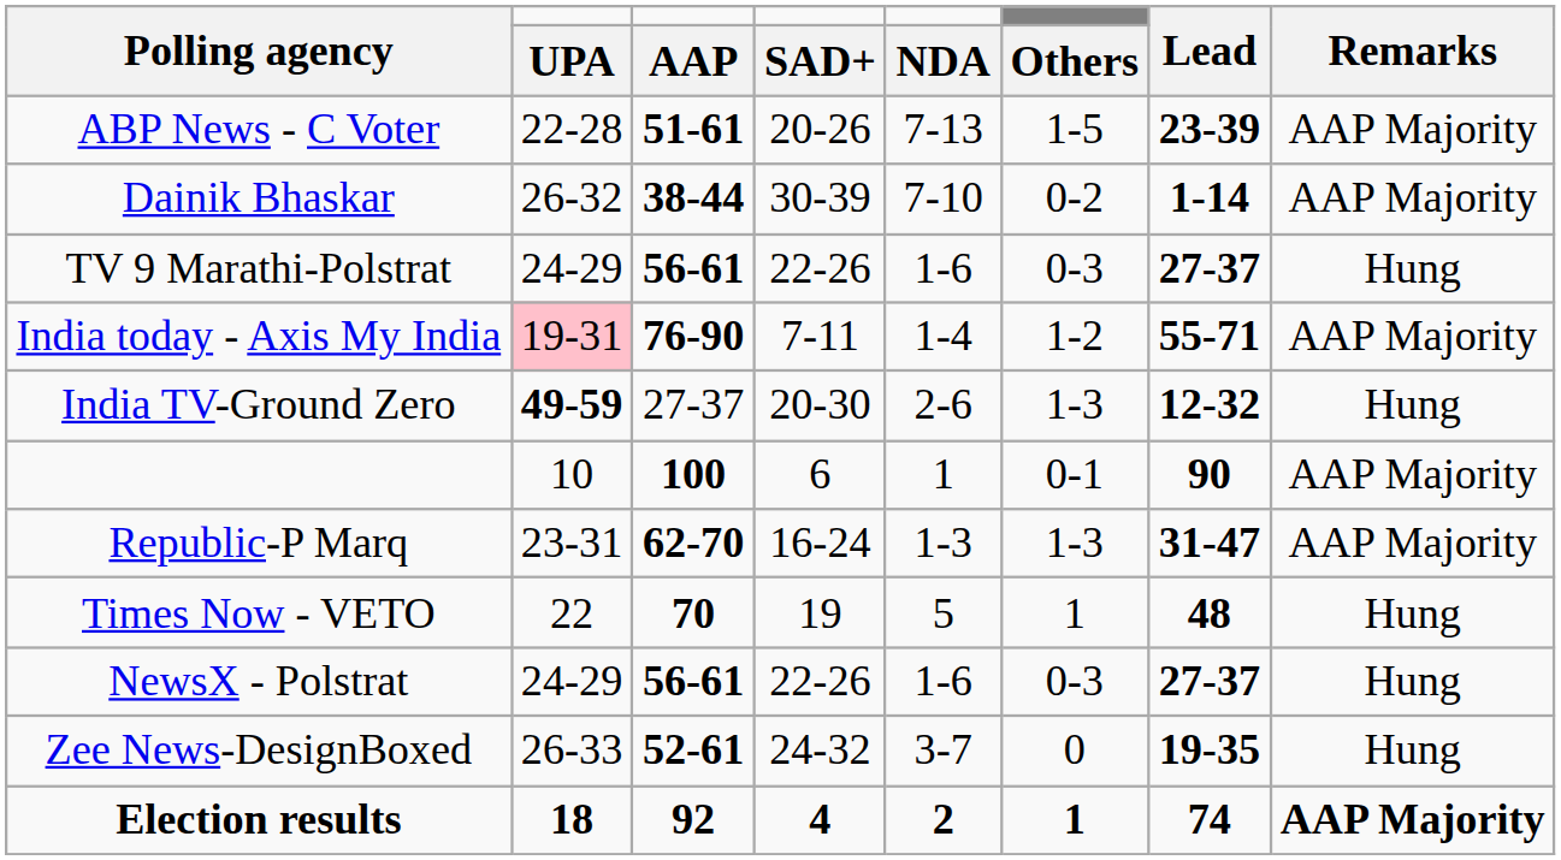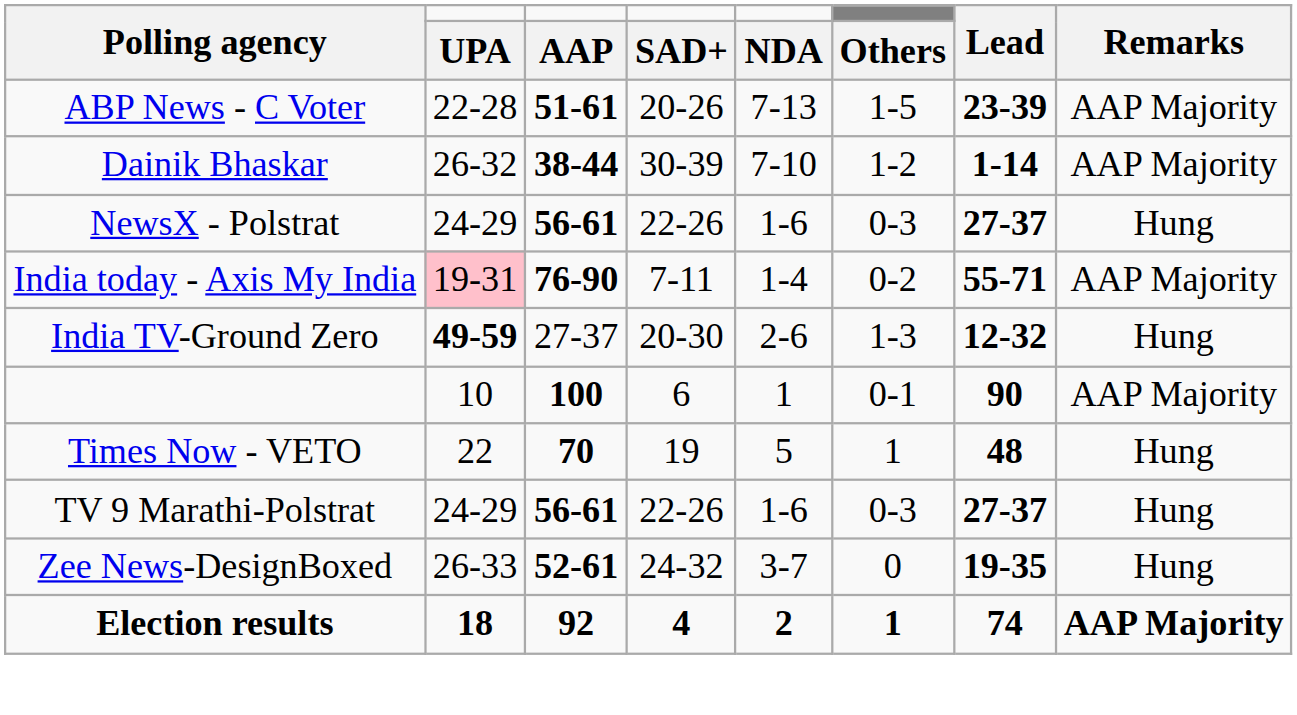 <table class="wikitable sortable" style="text-align:center">
 <tr>
 <th rowspan="2">Polling agency</th>
 <td></td>
 <td></td>
 <td></td>
 <td></td>
 <td bgcolor="gray"></td>
 <th rowspan="2">Lead</th>
 <th rowspan="2">Remarks</th>
 </tr>
 <tr>
 <th>UPA</th>
 <th>AAP</th>
 <th>SAD+</th>
 <th>NDA</th>
 <th>Others</th>
 </tr>
 <tr>
 <td><a href='#'>ABP News</a> - <a href='#'>C Voter</a></td>
 <td>22-28</td>
 <td><strong>51-61</strong></td>
 <td>20-26</td>
 <td>7-13</td>
 <td>1-5</td>
 <td><strong>23-39</strong></td>
 <td>AAP Majority</td>
 </tr>
 <tr>
 <td><a href='#'>Dainik Bhaskar</a></td>
 <td>26-32</td>
 <td><strong>38-44</strong></td>
 <td>30-39</td>
 <td>7-10</td>
-<td>0-2</td>
+<td>1-2</td>
 <td><strong>1-14</strong></td>
 <td>AAP Majority</td>
 </tr>
 <tr>
-<td>TV 9 Marathi-Polstrat</td>
+<td><a href='#'>NewsX</a> - Polstrat</td>
 <td>24-29</td>
 <td><strong>56-61</strong></td>
 <td>22-26</td>
 <td>1-6</td>
 <td>0-3</td>
 <td><strong>27-37</strong></td>
 <td>Hung</td>
 </tr>
 <tr>
 <td><a href='#'>India today</a> - <a href='#'>Axis My India</a></td>
 <td style="background: pink;">19-31</td>
 <td><strong>76-90</strong></td>
 <td>7-11</td>
 <td>1-4</td>
-<td>1-2</td>
+<td>0-2</td>
 <td><strong>55-71</strong></td>
 <td>AAP Majority</td>
 </tr>
 <tr>
 <td><a href='#'>India TV</a>-Ground Zero</td>
 <td><strong>49-59</strong></td>
 <td>27-37</td>
 <td>20-30</td>
 <td>2-6</td>
 <td>1-3</td>
 <td><strong>12-32</strong></td>
 <td>Hung</td>
 </tr>
 <tr>
 <td></td>
 <td>10</td>
 <td><strong>100</strong></td>
 <td>6</td>
 <td>1</td>
 <td>0-1</td>
 <td><strong>90</strong></td>
 <td>AAP Majority</td>
 </tr>
 <tr>
-<td><a href='#'>Republic</a>-P Marq</td>
-<td>23-31</td>
-<td><strong>62-70</strong></td>
-<td>16-24</td>
-<td>1-3</td>
-<td>1-3</td>
-<td><strong>31-47</strong></td>
-<td>AAP Majority</td>
-</tr>
-<tr>
 <td><a href='#'>Times Now</a> - VETO</td>
 <td>22</td>
 <td><strong>70</strong></td>
 <td>19</td>
 <td>5</td>
 <td>1</td>
 <td><strong>48</strong></td>
 <td>Hung</td>
 </tr>
 <tr>
-<td><a href='#'>NewsX</a> - Polstrat</td>
+<td>TV 9 Marathi-Polstrat</td>
 <td>24-29</td>
 <td><strong>56-61</strong></td>
 <td>22-26</td>
 <td>1-6</td>
 <td>0-3</td>
 <td><strong>27-37</strong></td>
 <td>Hung</td>
 </tr>
 <tr>
 <td><a href='#'>Zee News</a>-DesignBoxed</td>
 <td>26-33</td>
 <td><strong>52-61</strong></td>
 <td>24-32</td>
 <td>3-7</td>
 <td>0</td>
 <td><strong>19-35</strong></td>
 <td>Hung</td>
 </tr>
 <tr>
 <td style="background:"><strong>Election results</strong></td>
 <td style="background:"><strong>18</strong></td>
 <td><strong>92</strong></td>
 <td style="background:"><strong>4</strong></td>
 <td style="background:"><strong>2</strong></td>
 <td style="background:"><strong>1</strong></td>
 <td><strong>74</strong></td>
 <td style="background:"><strong>AAP Majority</strong></td>
 </tr>
 </table>
